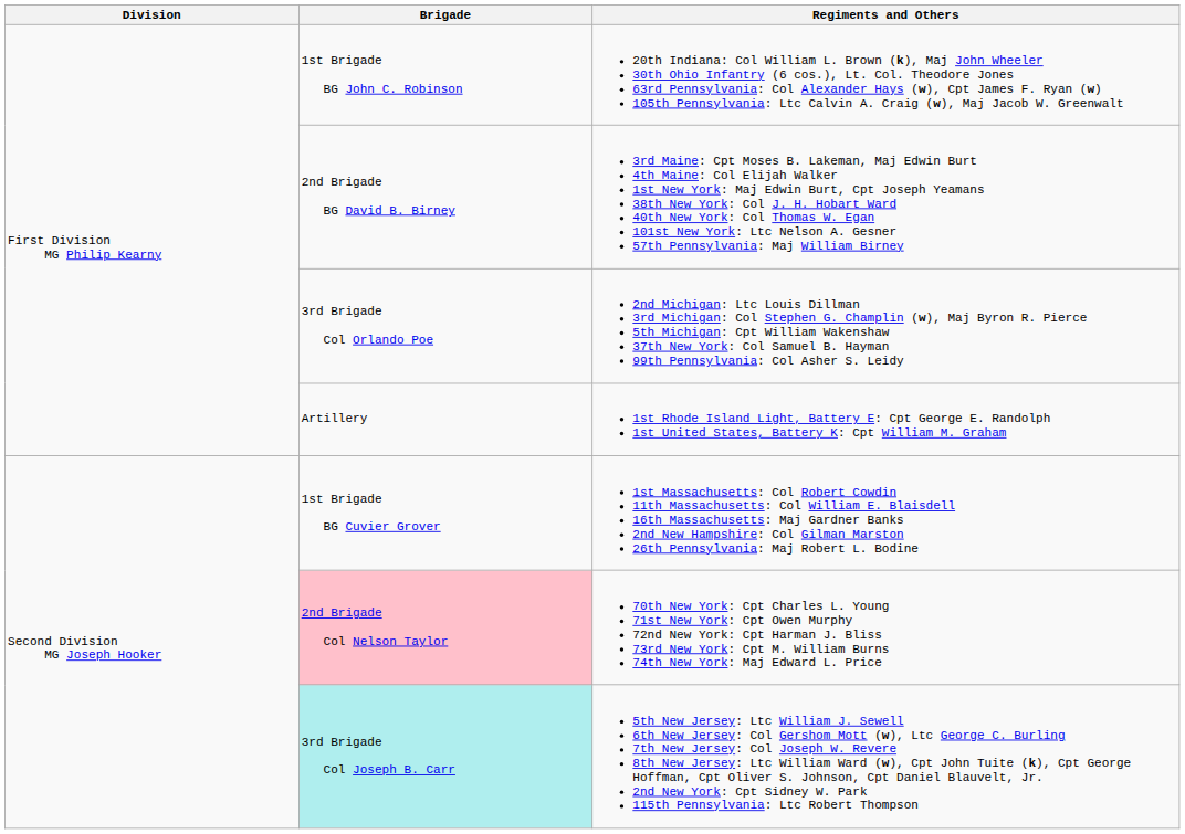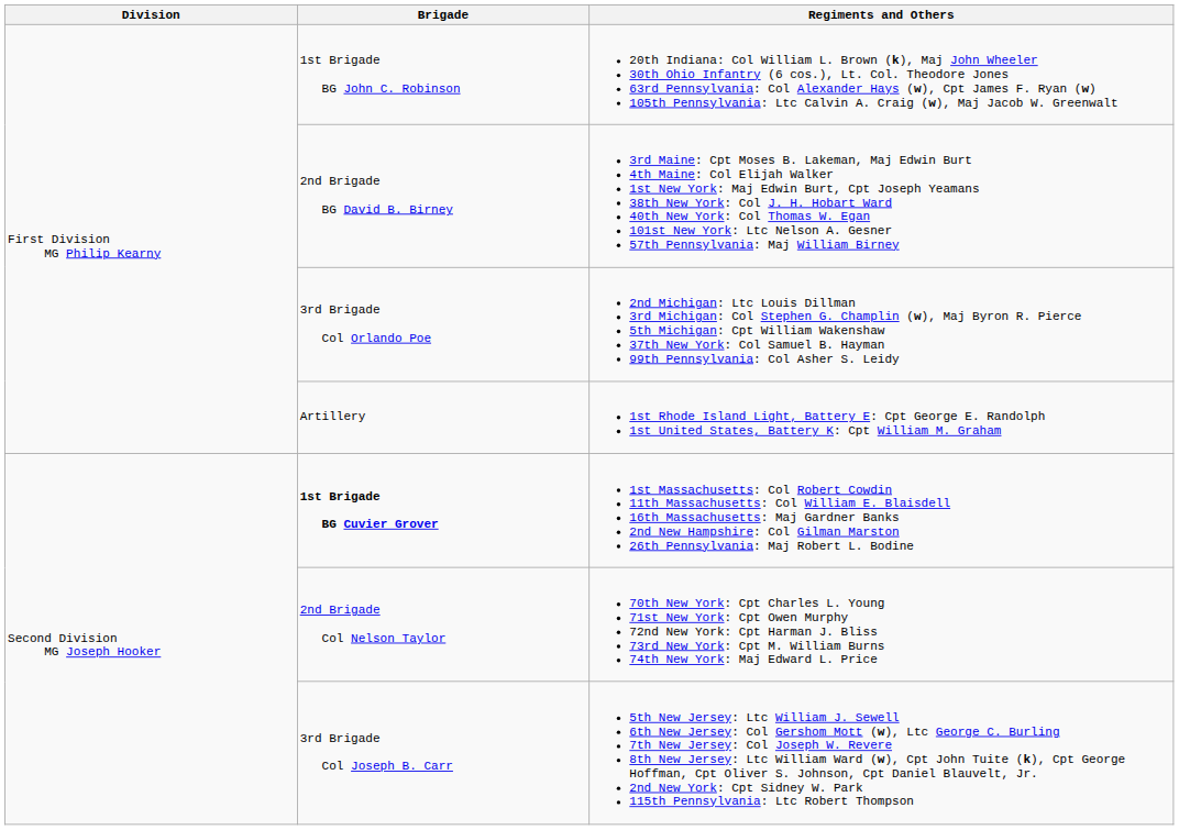 <table class="wikitable">
 <tr>
 <th width=25%>Division</th>
 <th width=25%>Brigade</th>
 <th>Regiments and Others</th>
 </tr>
 <tr>
 <td rowspan=4><br>First Division <br>     MG <a href='#'>Philip Kearny</a></td>
 <td>1st Brigade<br><br>   BG <a href='#'>John C. Robinson</a></td>
 <td><br><ul><li>20th Indiana: Col William L. Brown (<strong>k</strong>), Maj <a href='#'>John Wheeler</a></li><li><a href='#'>30th Ohio Infantry</a> (6 cos.), Lt. Col. Theodore Jones</li><li><a href='#'>63rd Pennsylvania</a>: Col <a href='#'>Alexander Hays</a> (<strong>w</strong>), Cpt James F. Ryan (<strong>w</strong>)</li><li><a href='#'>105th Pennsylvania</a>: Ltc Calvin A. Craig (<strong>w</strong>), Maj Jacob W. Greenwalt</li></ul></td>
 </tr>
 <tr>
 <td>2nd Brigade<br><br>   BG <a href='#'>David B. Birney</a></td>
 <td><br><ul><li><a href='#'>3rd Maine</a>: Cpt Moses B. Lakeman, Maj Edwin Burt</li><li><a href='#'>4th Maine</a>: Col Elijah Walker</li><li><a href='#'>1st New York</a>: Maj Edwin Burt, Cpt Joseph Yeamans</li><li><a href='#'>38th New York</a>: Col <a href='#'>J. H. Hobart Ward</a></li><li><a href='#'>40th New York</a>: Col <a href='#'>Thomas W. Egan</a></li><li><a href='#'>101st New York</a>: Ltc Nelson A. Gesner</li><li><a href='#'>57th Pennsylvania</a>: Maj <a href='#'>William Birney</a></li></ul></td>
 </tr>
 <tr>
 <td>3rd Brigade<br><br>   Col <a href='#'>Orlando Poe</a></td>
 <td><br><ul><li><a href='#'>2nd Michigan</a>: Ltc Louis Dillman</li><li><a href='#'>3rd Michigan</a>: Col <a href='#'>Stephen G. Champlin</a> (<strong>w</strong>), Maj Byron R. Pierce</li><li><a href='#'>5th Michigan</a>: Cpt William Wakenshaw</li><li><a href='#'>37th New York</a>: Col Samuel B. Hayman</li><li><a href='#'>99th Pennsylvania</a>: Col Asher S. Leidy</li></ul></td>
 </tr>
 <tr>
 <td>Artillery</td>
 <td><br><ul><li><a href='#'>1st Rhode Island Light, Battery E</a>: Cpt George E. Randolph</li><li><a href='#'>1st United States, Battery K</a>: Cpt <a href='#'>William M. Graham</a></li></ul></td>
 </tr>
 <tr>
 <td rowspan=3><br>Second Division <br>     MG <a href='#'>Joseph Hooker</a></td>
-<td>1st Brigade<br><br>   BG <a href='#'>Cuvier Grover</a></td>
+<td><strong>1st Brigade<br><br>   BG <a href='#'>Cuvier Grover</a></strong></td>
 <td><br><ul><li><a href='#'>1st Massachusetts</a>: Col <a href='#'>Robert Cowdin</a></li><li><a href='#'>11th Massachusetts</a>: Col <a href='#'>William E. Blaisdell</a></li><li><a href='#'>16th Massachusetts</a>: Maj Gardner Banks</li><li><a href='#'>2nd New Hampshire</a>: Col <a href='#'>Gilman Marston</a></li><li><a href='#'>26th Pennsylvania</a>: Maj Robert L. Bodine</li></ul></td>
 </tr>
 <tr>
-<td style="background: pink;"><a href='#'>2nd Brigade</a><br><br>   Col <a href='#'>Nelson Taylor</a></td>
+<td><a href='#'>2nd Brigade</a><br><br>   Col <a href='#'>Nelson Taylor</a></td>
 <td><br><ul><li><a href='#'>70th New York</a>: Cpt Charles L. Young</li><li><a href='#'>71st New York</a>: Cpt Owen Murphy</li><li>72nd New York: Cpt Harman J. Bliss</li><li><a href='#'>73rd New York</a>: Cpt M. William Burns</li><li><a href='#'>74th New York</a>: Maj Edward L. Price</li></ul></td>
 </tr>
 <tr>
-<td style="background: paleturquoise;">3rd Brigade<br><br>   Col <a href='#'>Joseph B. Carr</a></td>
+<td>3rd Brigade<br><br>   Col <a href='#'>Joseph B. Carr</a></td>
 <td><br><ul><li><a href='#'>5th New Jersey</a>: Ltc <a href='#'>William J. Sewell</a></li><li><a href='#'>6th New Jersey</a>: Col <a href='#'>Gershom Mott</a> (<strong>w</strong>), Ltc <a href='#'>George C. Burling</a></li><li><a href='#'>7th New Jersey</a>: Col <a href='#'>Joseph W. Revere</a></li><li><a href='#'>8th New Jersey</a>: Ltc William Ward (<strong>w</strong>), Cpt John Tuite (<strong>k</strong>), Cpt George Hoffman, Cpt Oliver S. Johnson, Cpt Daniel Blauvelt, Jr.</li><li><a href='#'>2nd New York</a>: Cpt Sidney W. Park</li><li><a href='#'>115th Pennsylvania</a>: Ltc Robert Thompson</li></ul></td>
 </tr>
 </table>
